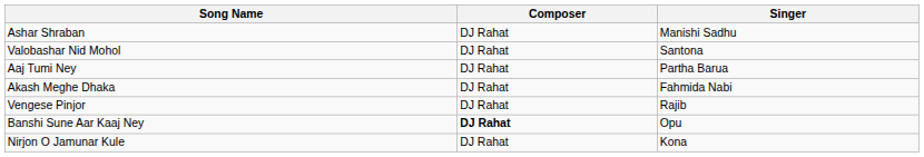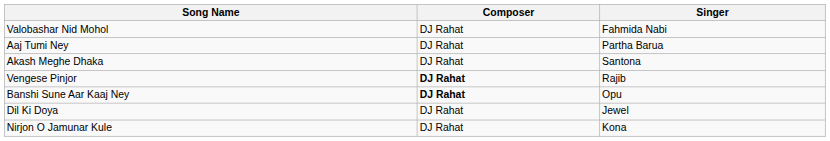 <table class="wikitable sortable collapsible" style="width: 100%;">
 <tr>
 <th style="*background:d0e5f5;">Song Name</th>
 <th style="*background:d0e5f5;">Composer</th>
 <th style="*background:d0e5f5;">Singer</th>
 </tr>
 <tr>
-<td>Ashar Shraban</td>
-<td>DJ Rahat</td>
-<td>Manishi Sadhu</td>
-</tr>
-<tr>
 <td>Valobashar Nid Mohol</td>
 <td>DJ Rahat</td>
-<td>Santona</td>
+<td>Fahmida Nabi</td>
 </tr>
 <tr>
 <td>Aaj Tumi Ney</td>
 <td>DJ Rahat</td>
 <td>Partha  Barua</td>
 </tr>
 <tr>
 <td>Akash Meghe Dhaka</td>
 <td>DJ Rahat</td>
-<td>Fahmida Nabi</td>
+<td>Santona</td>
 </tr>
 <tr>
 <td>Vengese Pinjor</td>
-<td>DJ Rahat</td>
+<td><strong>DJ Rahat</strong></td>
 <td>Rajib</td>
 </tr>
 <tr>
 <td>Banshi Sune Aar Kaaj Ney</td>
 <td><strong>DJ Rahat</strong></td>
 <td>Opu</td>
 </tr>
 <tr>
+<td>Dil Ki Doya</td>
+<td>DJ Rahat</td>
+<td>Jewel</td>
+</tr>
+<tr>
 <td>Nirjon O Jamunar Kule</td>
 <td>DJ Rahat</td>
 <td>Kona</td>
 </tr>
 </table>
